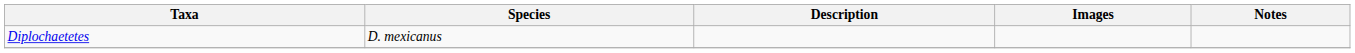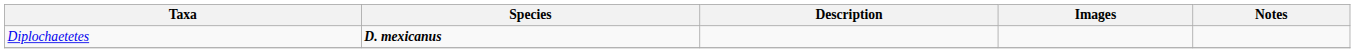 <table class="wikitable"  style="margin:auto; width:100%;">
 <tr>
 <th>Taxa</th>
 <th>Species</th>
 <th>Description</th>
 <th>Images</th>
 <th class=unsortable>Notes</th>
 </tr>
 <tr>
 <td><em><a href='#'>Diplochaetetes</a></em></td>
-<td><em>D. mexicanus</em></td>
+<td><strong><em>D. mexicanus</em></strong></td>
 <td></td>
 <td></td>
 <td></td>
 </tr>
 <tr>
 </tr>
 </table>
